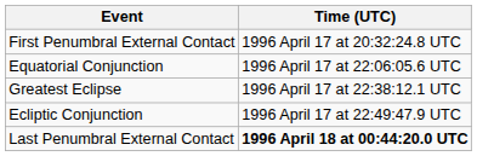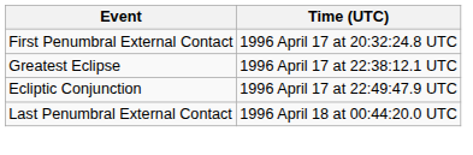 <table class="wikitable">
 <tr>
 <th>Event</th>
 <th>Time (UTC)</th>
 </tr>
 <tr>
 <td>First Penumbral External Contact</td>
 <td>1996 April 17 at 20:32:24.8 UTC</td>
-</tr>
-<tr>
-<td>Equatorial Conjunction</td>
-<td>1996 April 17 at 22:06:05.6 UTC</td>
 </tr>
 <tr>
 <td>Greatest Eclipse</td>
 <td>1996 April 17 at 22:38:12.1 UTC</td>
 </tr>
 <tr>
 <td>Ecliptic Conjunction</td>
 <td>1996 April 17 at 22:49:47.9 UTC</td>
 </tr>
 <tr>
 <td>Last Penumbral External Contact</td>
-<td><strong>1996 April 18 at 00:44:20.0 UTC</strong></td>
+<td>1996 April 18 at 00:44:20.0 UTC</td>
 </tr>
 </table>
